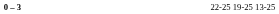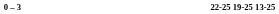 <table width=100% cellspacing=1>
 <tr>
 <th width=20%></th>
 <th width=12%></th>
 <th width=20%></th>
 <th width=33%></th>
 <td></td>
 </tr>
 <tr style=font-size:90%>
 <td align=right></td>
 <td align=center><strong>0 – 3</strong></td>
 <td><strong></strong></td>
-<td>22-25 19-25 13-25</td>
+<td><strong>22-25 19-25 13-25</strong></td>
 </tr>
 </table>
